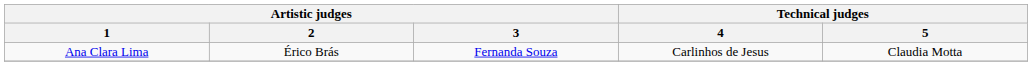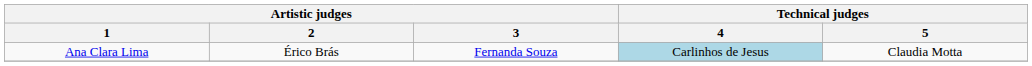 <table class="wikitable" style="font-size:100%; line-height:16px; text-align:center" width="100%">
 <tr TBA>
 <th colspan=3>Artistic judges</th>
 <th colspan=2>Technical judges</th>
 </tr>
 <tr>
 <th width="20.0%">1</th>
 <th width="20.0%">2</th>
 <th width="20.0%">3</th>
 <th width="20.0%">4</th>
 <th width="20.0%">5</th>
 </tr>
 <tr>
 <td><a href='#'>Ana Clara Lima</a></td>
 <td>Érico Brás</td>
 <td><a href='#'>Fernanda Souza</a></td>
-<td>Carlinhos de Jesus</td>
+<td style="background: lightblue;">Carlinhos de Jesus</td>
 <td>Claudia Motta</td>
 </tr>
 <tr>
 </tr>
 </table>
